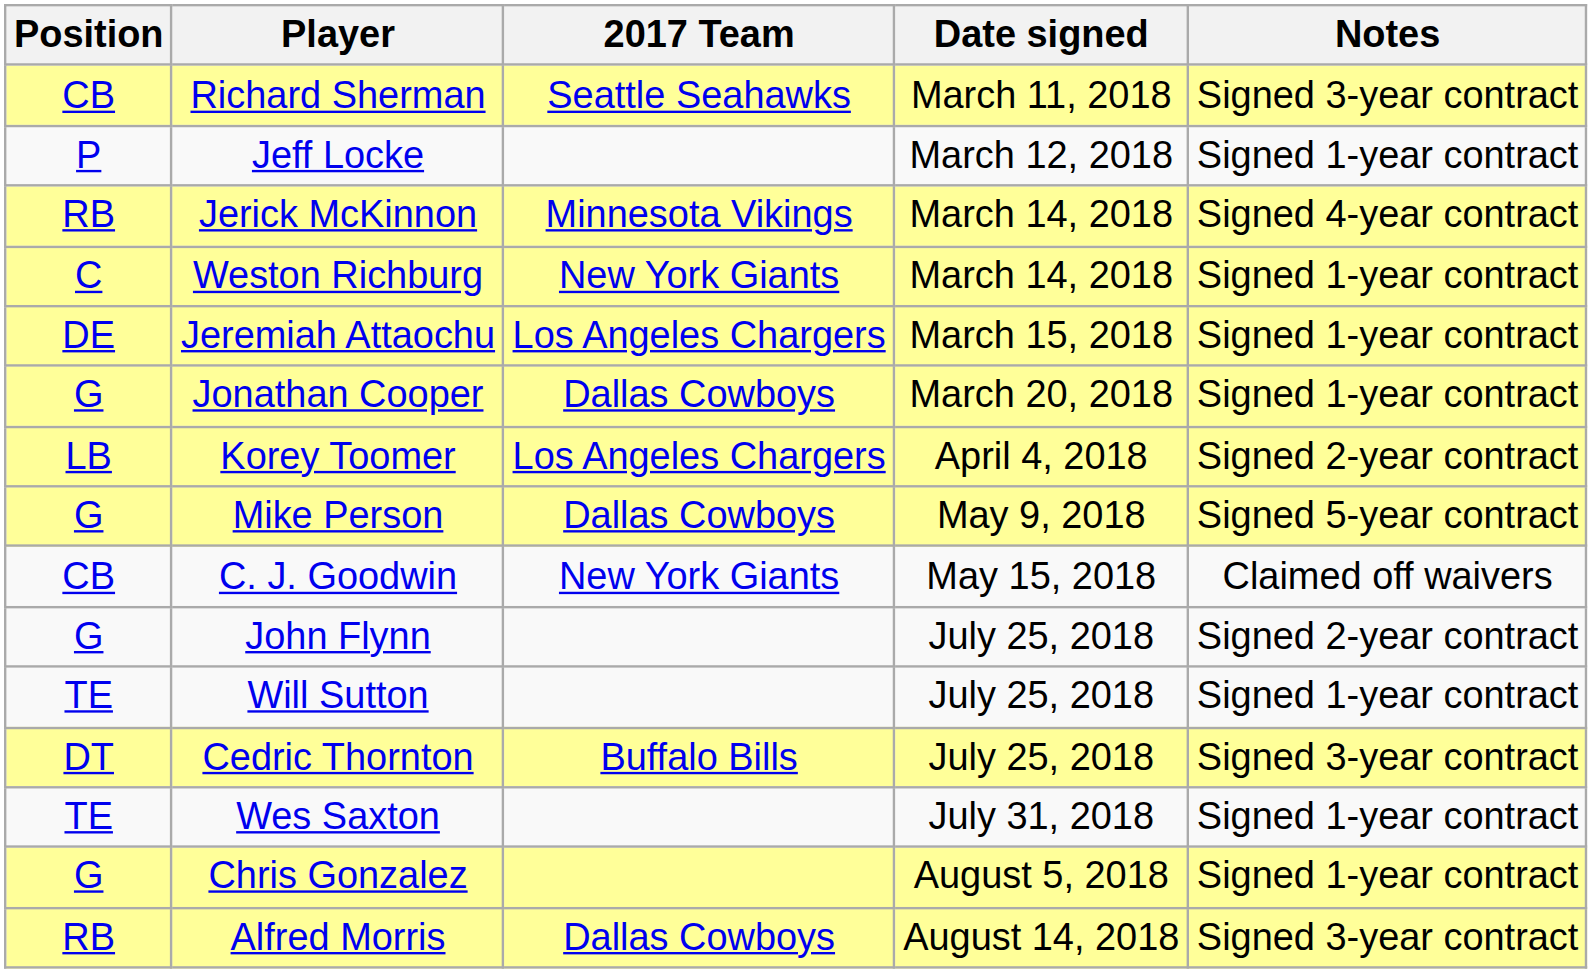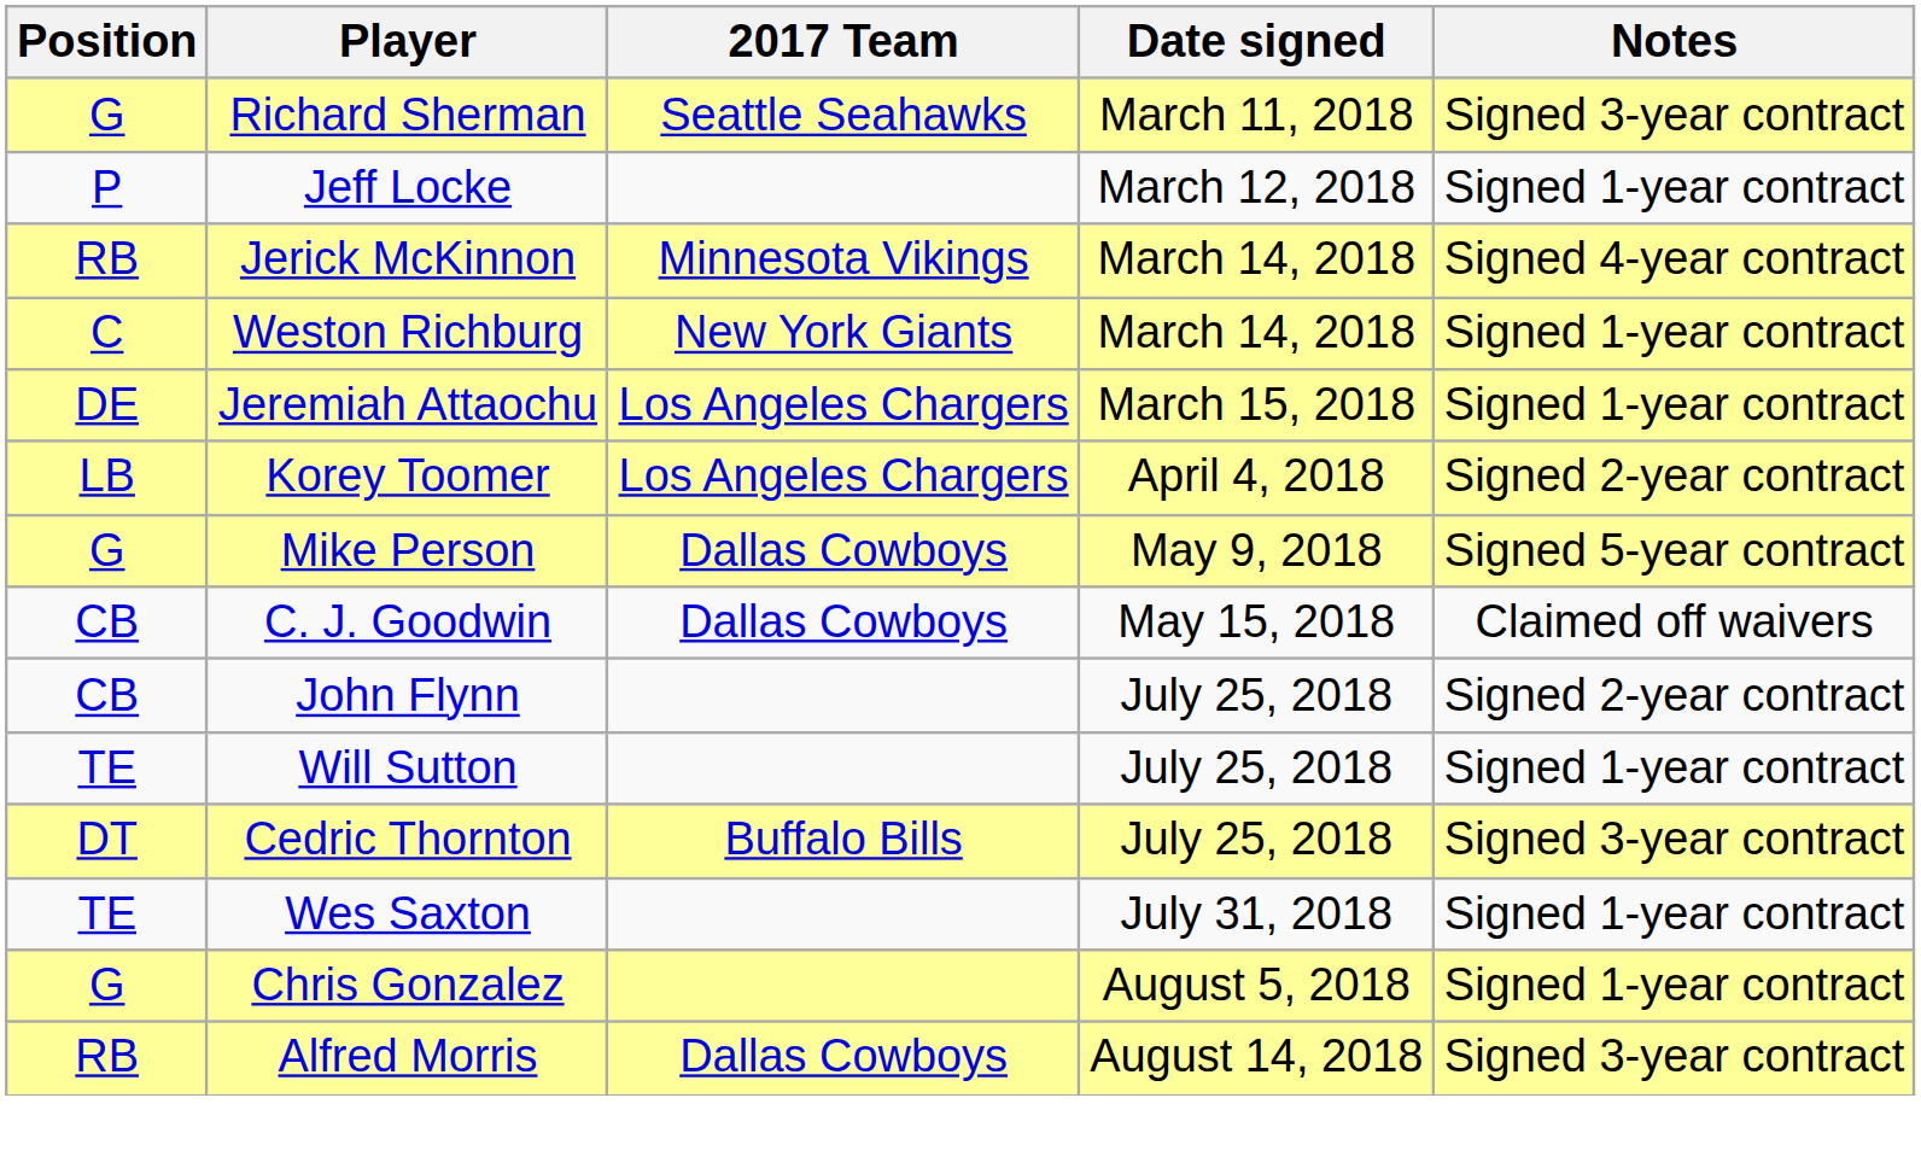 <table class="sortable wikitable" style="text-align:center">
 <tr>
 <th>Position</th>
 <th>Player</th>
 <th>2017 Team</th>
 <th>Date signed</th>
 <th>Notes</th>
 </tr>
 <tr style="background:#ff9">
-<td><a href='#'>CB</a></td>
+<td><a href='#'>G</a></td>
 <td><a href='#'>Richard Sherman</a></td>
 <td><a href='#'>Seattle Seahawks</a></td>
 <td>March 11, 2018</td>
 <td>Signed 3-year contract</td>
 </tr>
 <tr>
 <td><a href='#'>P</a></td>
 <td><a href='#'>Jeff Locke</a></td>
 <td></td>
 <td>March 12, 2018</td>
 <td>Signed 1-year contract</td>
 </tr>
 <tr style="background:#ff9">
 <td><a href='#'>RB</a></td>
 <td><a href='#'>Jerick McKinnon</a></td>
 <td><a href='#'>Minnesota Vikings</a></td>
 <td>March 14, 2018</td>
 <td>Signed 4-year contract</td>
 </tr>
 <tr style="background:#ff9">
 <td><a href='#'>C</a></td>
 <td><a href='#'>Weston Richburg</a></td>
 <td><a href='#'>New York Giants</a></td>
 <td>March 14, 2018</td>
 <td>Signed 1-year contract</td>
 </tr>
 <tr style="background:#ff9">
 <td><a href='#'>DE</a></td>
 <td><a href='#'>Jeremiah Attaochu</a></td>
 <td><a href='#'>Los Angeles Chargers</a></td>
 <td>March 15, 2018</td>
 <td>Signed 1-year contract</td>
 </tr>
 <tr style="background:#ff9">
-<td><a href='#'>G</a></td>
-<td><a href='#'>Jonathan Cooper</a></td>
-<td><a href='#'>Dallas Cowboys</a></td>
-<td>March 20, 2018</td>
-<td>Signed 1-year contract</td>
-</tr>
-<tr style="background:#ff9">
 <td><a href='#'>LB</a></td>
 <td><a href='#'>Korey Toomer</a></td>
 <td><a href='#'>Los Angeles Chargers</a></td>
 <td>April 4, 2018</td>
 <td>Signed 2-year contract</td>
 </tr>
 <tr style="background:#ff9">
 <td><a href='#'>G</a></td>
 <td><a href='#'>Mike Person</a></td>
 <td><a href='#'>Dallas Cowboys</a></td>
 <td>May 9, 2018</td>
 <td>Signed 5-year contract</td>
 </tr>
 <tr>
 <td><a href='#'>CB</a></td>
 <td><a href='#'>C. J. Goodwin</a></td>
-<td><a href='#'>New York Giants</a></td>
+<td><a href='#'>Dallas Cowboys</a></td>
 <td>May 15, 2018</td>
 <td>Claimed off waivers</td>
 </tr>
 <tr>
-<td><a href='#'>G</a></td>
+<td><a href='#'>CB</a></td>
 <td><a href='#'>John Flynn</a></td>
 <td></td>
 <td>July 25, 2018</td>
 <td>Signed 2-year contract</td>
 </tr>
 <tr>
 <td><a href='#'>TE</a></td>
 <td><a href='#'>Will Sutton</a></td>
 <td></td>
 <td>July 25, 2018</td>
 <td>Signed 1-year contract</td>
 </tr>
 <tr style="background:#ff9">
 <td><a href='#'>DT</a></td>
 <td><a href='#'>Cedric Thornton</a></td>
 <td><a href='#'>Buffalo Bills</a></td>
 <td>July 25, 2018</td>
 <td>Signed 3-year contract</td>
 </tr>
 <tr>
 <td><a href='#'>TE</a></td>
 <td><a href='#'>Wes Saxton</a></td>
 <td></td>
 <td>July 31, 2018</td>
 <td>Signed 1-year contract</td>
 </tr>
 <tr style="background:#ff9">
 <td><a href='#'>G</a></td>
 <td><a href='#'>Chris Gonzalez</a></td>
 <td></td>
 <td>August 5, 2018</td>
 <td>Signed 1-year contract</td>
 </tr>
 <tr style="background:#ff9">
 <td><a href='#'>RB</a></td>
 <td><a href='#'>Alfred Morris</a></td>
 <td><a href='#'>Dallas Cowboys</a></td>
 <td>August 14, 2018</td>
 <td>Signed 3-year contract</td>
 </tr>
 </table>
